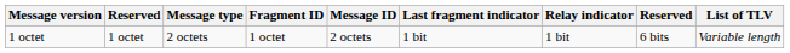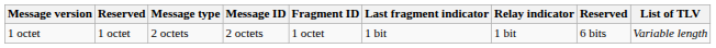 <table class="wikitable">
 <tr>
 <th>Message version</th>
 <th>Reserved</th>
 <th>Message type</th>
+<th>Message ID</th>
 <th>Fragment ID</th>
-<th>Message ID</th>
 <th>Last fragment indicator</th>
 <th>Relay indicator</th>
 <th>Reserved</th>
 <th>List of TLV</th>
 </tr>
 <tr>
 <td>1 octet</td>
 <td>1 octet</td>
 <td>2 octets</td>
+<td>2 octets</td>
 <td>1 octet</td>
-<td>2 octets</td>
 <td>1 bit</td>
 <td>1 bit</td>
 <td>6 bits</td>
 <td><em>Variable length</em></td>
 </tr>
 </table>
